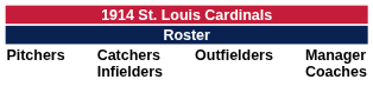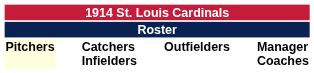 <table class="toccolours" style="font-size: 95%;">
 <tr>
 <th colspan="10" style="background-color: #c41c3a; color: white; text-align: center;">1914 St. Louis Cardinals</th>
 </tr>
 <tr>
 <td colspan="10" style="background-color: #0a2252; color: white; text-align: center;"><strong>Roster</strong></td>
 </tr>
 <tr>
-<td valign="top"><strong>Pitchers</strong><br>          </td>
+<td valign="top" style="background: lightyellow;"><strong>Pitchers</strong><br>          </td>
 <td width="25px"></td>
 <td valign="top"><strong>Catchers</strong><br>    <strong>Infielders</strong>         </td>
 <td width="25px"></td>
 <td valign="top"><strong>Outfielders</strong><br>      </td>
 <td width="25px"></td>
 <td valign="top"><strong>Manager</strong><br> <strong>Coaches</strong> </td>
 </tr>
 </table>
